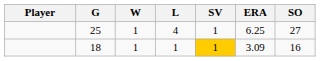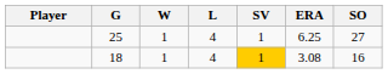 <table class="wikitable sortable">
 <tr>
 <th bgcolor="#DDDDFF" width="16%">Player</th>
 <th bgcolor="#DDDDFF" width="9%">G</th>
 <th bgcolor="#DDDDFF" width="9%">W</th>
 <th bgcolor="#DDDDFF" width="9%">L</th>
 <th bgcolor="#DDDDFF" width="9%">SV</th>
 <th bgcolor="#DDDDFF" width="9%">ERA</th>
 <th bgcolor="#DDDDFF" width="9%">SO</th>
 </tr>
 <tr align="center">
 <td></td>
 <td>25</td>
 <td>1</td>
 <td>4</td>
 <td>1</td>
 <td>6.25</td>
 <td>27</td>
 </tr>
 <tr align="center">
 <td></td>
 <td>18</td>
 <td>1</td>
-<td>1</td>
+<td>4</td>
 <td style="background:#fc0;">1</td>
-<td>3.09</td>
+<td>3.08</td>
 <td>16</td>
 </tr>
 </table>
